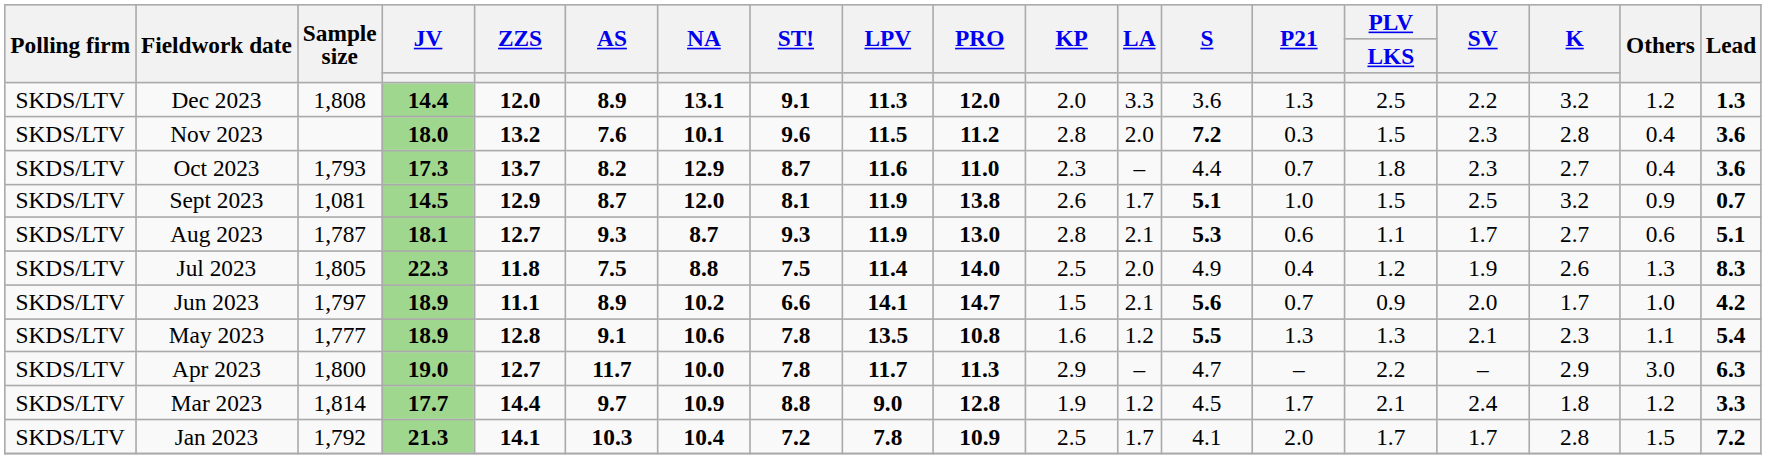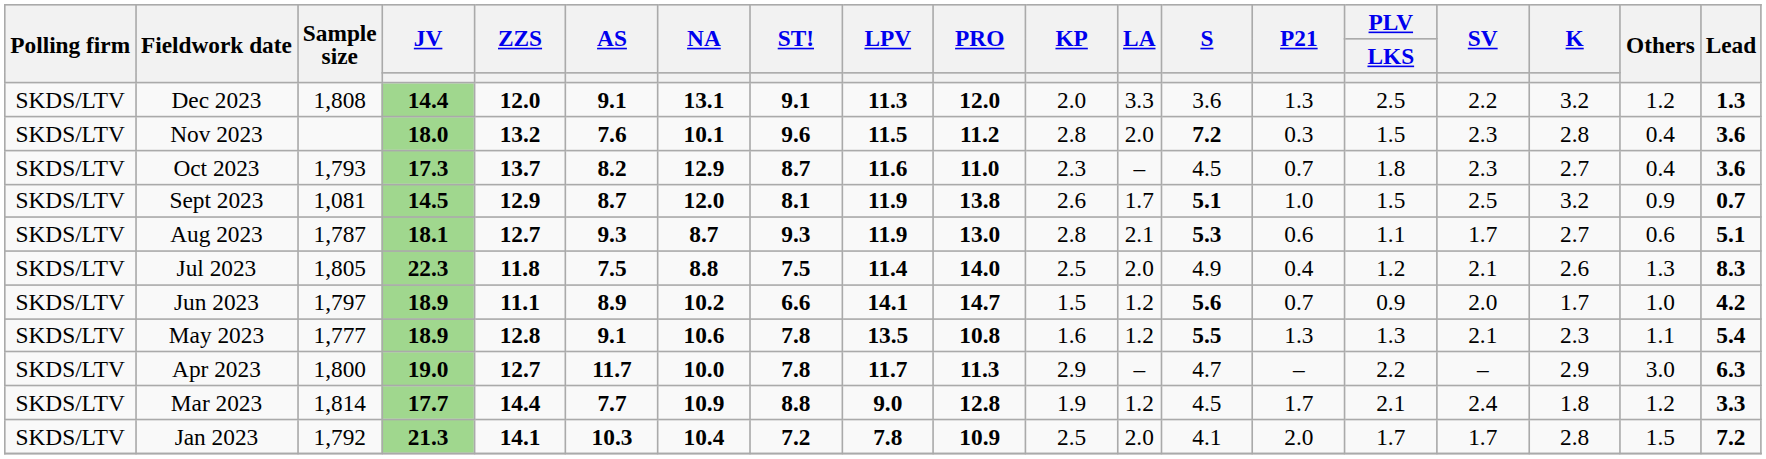 <table class="wikitable sortable mw-datatable" style="text-align:center;font-size:90%;line-height:14px;">
 <tr>
 <th rowspan="3">Polling firm</th>
 <th class="unsortable" rowspan="3">Fieldwork date</th>
 <th class="unsortable" rowspan="3">Sample<br>size</th>
 <th class="unsortable" style="width:50px;" rowspan="2"><a href='#'>JV</a></th>
 <th class="unsortable" style="width:50px;" rowspan="2"><a href='#'>ZZS</a></th>
 <th class="unsortable" style="width:50px;" rowspan="2"><a href='#'>AS</a></th>
 <th class="unsortable" style="width:50px;" rowspan="2"><a href='#'>NA</a></th>
 <th class="unsortable" style="width:50px;" rowspan="2"><a href='#'>ST!</a></th>
 <th class="unsortable" style="width:50px;" rowspan="2"><a href='#'>LPV</a></th>
 <th class="unsortable" style="width:50px;" rowspan="2"><a href='#'>PRO</a></th>
 <th rowspan="2" class="unsortable" style="width:50px;"><a href='#'>KP</a></th>
 <th rowspan="2"><a href='#'>LA</a></th>
 <th rowspan="2" class="unsortable" style="width:50px;"><a href='#'>S</a></th>
 <th class="unsortable" style="width:50px;" rowspan="2"><a href='#'>P21</a></th>
 <th class="unsortable" style="width:50px;"><a href='#'>PLV</a></th>
 <th class="unsortable" style="width:50px;" rowspan="2"><a href='#'>SV</a></th>
 <th class="unsortable" style="width:50px;" rowspan="2"><a href='#'>K</a></th>
 <th class="unsortable" style="width:30px;" rowspan="3">Others</th>
 <th class="unsortable" style="width:30px;" rowspan="3">Lead</th>
 </tr>
 <tr>
 <th class="unsortable" style="width:50px;"><a href='#'>LKS</a></th>
 </tr>
 <tr>
 <th data-sort-type="number" style="background:"></th>
 <th data-sort-type="number" style="background:"></th>
 <th data-sort-type="number" style="background:"></th>
 <th data-sort-type="number" style="background:"></th>
 <th data-sort-type="number" style="background:"></th>
 <th data-sort-type="number" style="background:"></th>
 <th data-sort-type="number" style="background:"></th>
 <th data-sort-type="number" style="background:"></th>
 <th data-sort-type="number" style="background:"></th>
 <th data-sort-type="number" style="background:"></th>
 <th data-sort-type="number" style="background:"></th>
 <th data-sort-type="number" style="background:"></th>
 <th data-sort-type="number" style="background:"></th>
 <th data-sort-type="number" style="background:"></th>
 </tr>
 <tr>
 <td>SKDS/LTV</td>
 <td>Dec 2023</td>
 <td>1,808</td>
 <td style="background:#A0D78E"><strong>14.4</strong></td>
 <td><strong>12.0</strong></td>
-<td><strong>8.9</strong></td>
+<td><strong>9.1</strong></td>
 <td><strong>13.1</strong></td>
 <td><strong>9.1</strong></td>
 <td><strong>11.3</strong></td>
 <td><strong>12.0</strong></td>
 <td>2.0</td>
 <td>3.3</td>
 <td>3.6</td>
 <td>1.3</td>
 <td>2.5</td>
 <td>2.2</td>
 <td>3.2</td>
 <td>1.2</td>
 <td style="background:"><strong>1.3</strong></td>
 </tr>
 <tr>
 <td>SKDS/LTV</td>
 <td>Nov 2023</td>
 <td></td>
 <td style="background:#A0D78E"><strong>18.0</strong></td>
 <td><strong>13.2</strong></td>
 <td><strong>7.6</strong></td>
 <td><strong>10.1</strong></td>
 <td><strong>9.6</strong></td>
 <td><strong>11.5</strong></td>
 <td><strong>11.2</strong></td>
 <td>2.8</td>
 <td>2.0</td>
 <td><strong>7.2</strong></td>
 <td>0.3</td>
 <td>1.5</td>
 <td>2.3</td>
 <td>2.8</td>
 <td>0.4</td>
 <td style="background:"><strong>3.6</strong></td>
 </tr>
 <tr>
 <td>SKDS/LTV</td>
 <td>Oct 2023</td>
 <td>1,793</td>
 <td style="background:#A0D78E"><strong>17.3</strong></td>
 <td><strong>13.7</strong></td>
 <td><strong>8.2</strong></td>
 <td><strong>12.9</strong></td>
 <td><strong>8.7</strong></td>
 <td><strong>11.6</strong></td>
 <td><strong>11.0</strong></td>
 <td>2.3</td>
 <td>–</td>
-<td>4.4</td>
+<td>4.5</td>
 <td>0.7</td>
 <td>1.8</td>
 <td>2.3</td>
 <td>2.7</td>
 <td>0.4</td>
 <td style="background:"><strong>3.6</strong></td>
 </tr>
 <tr>
 <td>SKDS/LTV</td>
 <td>Sept 2023</td>
 <td>1,081</td>
 <td style="background:#A0D78E"><strong>14.5</strong></td>
 <td><strong>12.9</strong></td>
 <td><strong>8.7</strong></td>
 <td><strong>12.0</strong></td>
 <td><strong>8.1</strong></td>
 <td><strong>11.9</strong></td>
 <td><strong>13.8</strong></td>
 <td>2.6</td>
 <td>1.7</td>
 <td><strong>5.1</strong></td>
 <td>1.0</td>
 <td>1.5</td>
 <td>2.5</td>
 <td>3.2</td>
 <td>0.9</td>
 <td style="background:"><strong>0.7</strong></td>
 </tr>
 <tr>
 <td>SKDS/LTV</td>
 <td>Aug 2023</td>
 <td>1,787</td>
 <td style="background:#A0D78E"><strong>18.1</strong></td>
 <td><strong>12.7</strong></td>
 <td><strong>9.3</strong></td>
 <td><strong>8.7</strong></td>
 <td><strong>9.3</strong></td>
 <td><strong>11.9</strong></td>
 <td><strong>13.0</strong></td>
 <td>2.8</td>
 <td>2.1</td>
 <td><strong>5.3</strong></td>
 <td>0.6</td>
 <td>1.1</td>
 <td>1.7</td>
 <td>2.7</td>
 <td>0.6</td>
 <td style="background:"><strong>5.1</strong></td>
 </tr>
 <tr>
 <td>SKDS/LTV</td>
 <td>Jul 2023</td>
 <td>1,805</td>
 <td style="background:#A0D78E"><strong>22.3</strong></td>
 <td><strong>11.8</strong></td>
 <td><strong>7.5</strong></td>
 <td><strong>8.8</strong></td>
 <td><strong>7.5</strong></td>
 <td><strong>11.4</strong></td>
 <td><strong>14.0</strong></td>
 <td>2.5</td>
 <td>2.0</td>
 <td>4.9</td>
 <td>0.4</td>
 <td>1.2</td>
-<td>1.9</td>
+<td>2.1</td>
 <td>2.6</td>
 <td>1.3</td>
 <td style="background:"><strong>8.3</strong></td>
 </tr>
 <tr>
 <td>SKDS/LTV</td>
 <td>Jun 2023</td>
 <td>1,797</td>
 <td style="background:#A0D78E"><strong>18.9</strong></td>
 <td><strong>11.1</strong></td>
 <td><strong>8.9</strong></td>
 <td><strong>10.2</strong></td>
 <td><strong>6.6</strong></td>
 <td><strong>14.1</strong></td>
 <td><strong>14.7</strong></td>
 <td>1.5</td>
-<td>2.1</td>
+<td>1.2</td>
 <td><strong>5.6</strong></td>
 <td>0.7</td>
 <td>0.9</td>
 <td>2.0</td>
 <td>1.7</td>
 <td>1.0</td>
 <td style="background:"><strong>4.2</strong></td>
 </tr>
 <tr>
 <td>SKDS/LTV</td>
 <td>May 2023</td>
 <td>1,777</td>
 <td style="background:#A0D78E"><strong>18.9</strong></td>
 <td><strong>12.8</strong></td>
 <td><strong>9.1</strong></td>
 <td><strong>10.6</strong></td>
 <td><strong>7.8</strong></td>
 <td><strong>13.5</strong></td>
 <td><strong>10.8</strong></td>
 <td>1.6</td>
 <td>1.2</td>
 <td><strong>5.5</strong></td>
 <td>1.3</td>
 <td>1.3</td>
 <td>2.1</td>
 <td>2.3</td>
 <td>1.1</td>
 <td style="background:"><strong>5.4</strong></td>
 </tr>
 <tr>
 <td>SKDS/LTV</td>
 <td>Apr 2023</td>
 <td>1,800</td>
 <td style="background:#A0D78E"><strong>19.0</strong></td>
 <td><strong>12.7</strong></td>
 <td><strong>11.7</strong></td>
 <td><strong>10.0</strong></td>
 <td><strong>7.8</strong></td>
 <td><strong>11.7</strong></td>
 <td><strong>11.3</strong></td>
 <td>2.9</td>
 <td>–</td>
 <td>4.7</td>
 <td>–</td>
 <td>2.2</td>
 <td>–</td>
 <td>2.9</td>
 <td>3.0</td>
 <td style="background:"><strong>6.3</strong></td>
 </tr>
 <tr>
 <td>SKDS/LTV</td>
 <td>Mar 2023</td>
 <td>1,814</td>
 <td style="background:#A0D78E"><strong>17.7</strong></td>
 <td><strong>14.4</strong></td>
-<td><strong>9.7</strong></td>
+<td><strong>7.7</strong></td>
 <td><strong>10.9</strong></td>
 <td><strong>8.8</strong></td>
 <td><strong>9.0</strong></td>
 <td><strong>12.8</strong></td>
 <td>1.9</td>
 <td>1.2</td>
 <td>4.5</td>
 <td>1.7</td>
 <td>2.1</td>
 <td>2.4</td>
 <td>1.8</td>
 <td>1.2</td>
 <td style="background:"><strong>3.3</strong></td>
 </tr>
 <tr>
 <td>SKDS/LTV</td>
 <td>Jan 2023</td>
 <td>1,792</td>
 <td style="background:#A0D78E"><strong>21.3</strong></td>
 <td><strong>14.1</strong></td>
 <td><strong>10.3</strong></td>
 <td><strong>10.4</strong></td>
 <td><strong>7.2</strong></td>
 <td><strong>7.8</strong></td>
 <td><strong>10.9</strong></td>
 <td>2.5</td>
-<td>1.7</td>
+<td>2.0</td>
 <td>4.1</td>
 <td>2.0</td>
 <td>1.7</td>
 <td>1.7</td>
 <td>2.8</td>
 <td>1.5</td>
 <td style="background:"><strong>7.2</strong></td>
 </tr>
 <tr>
 </tr>
 </table>
